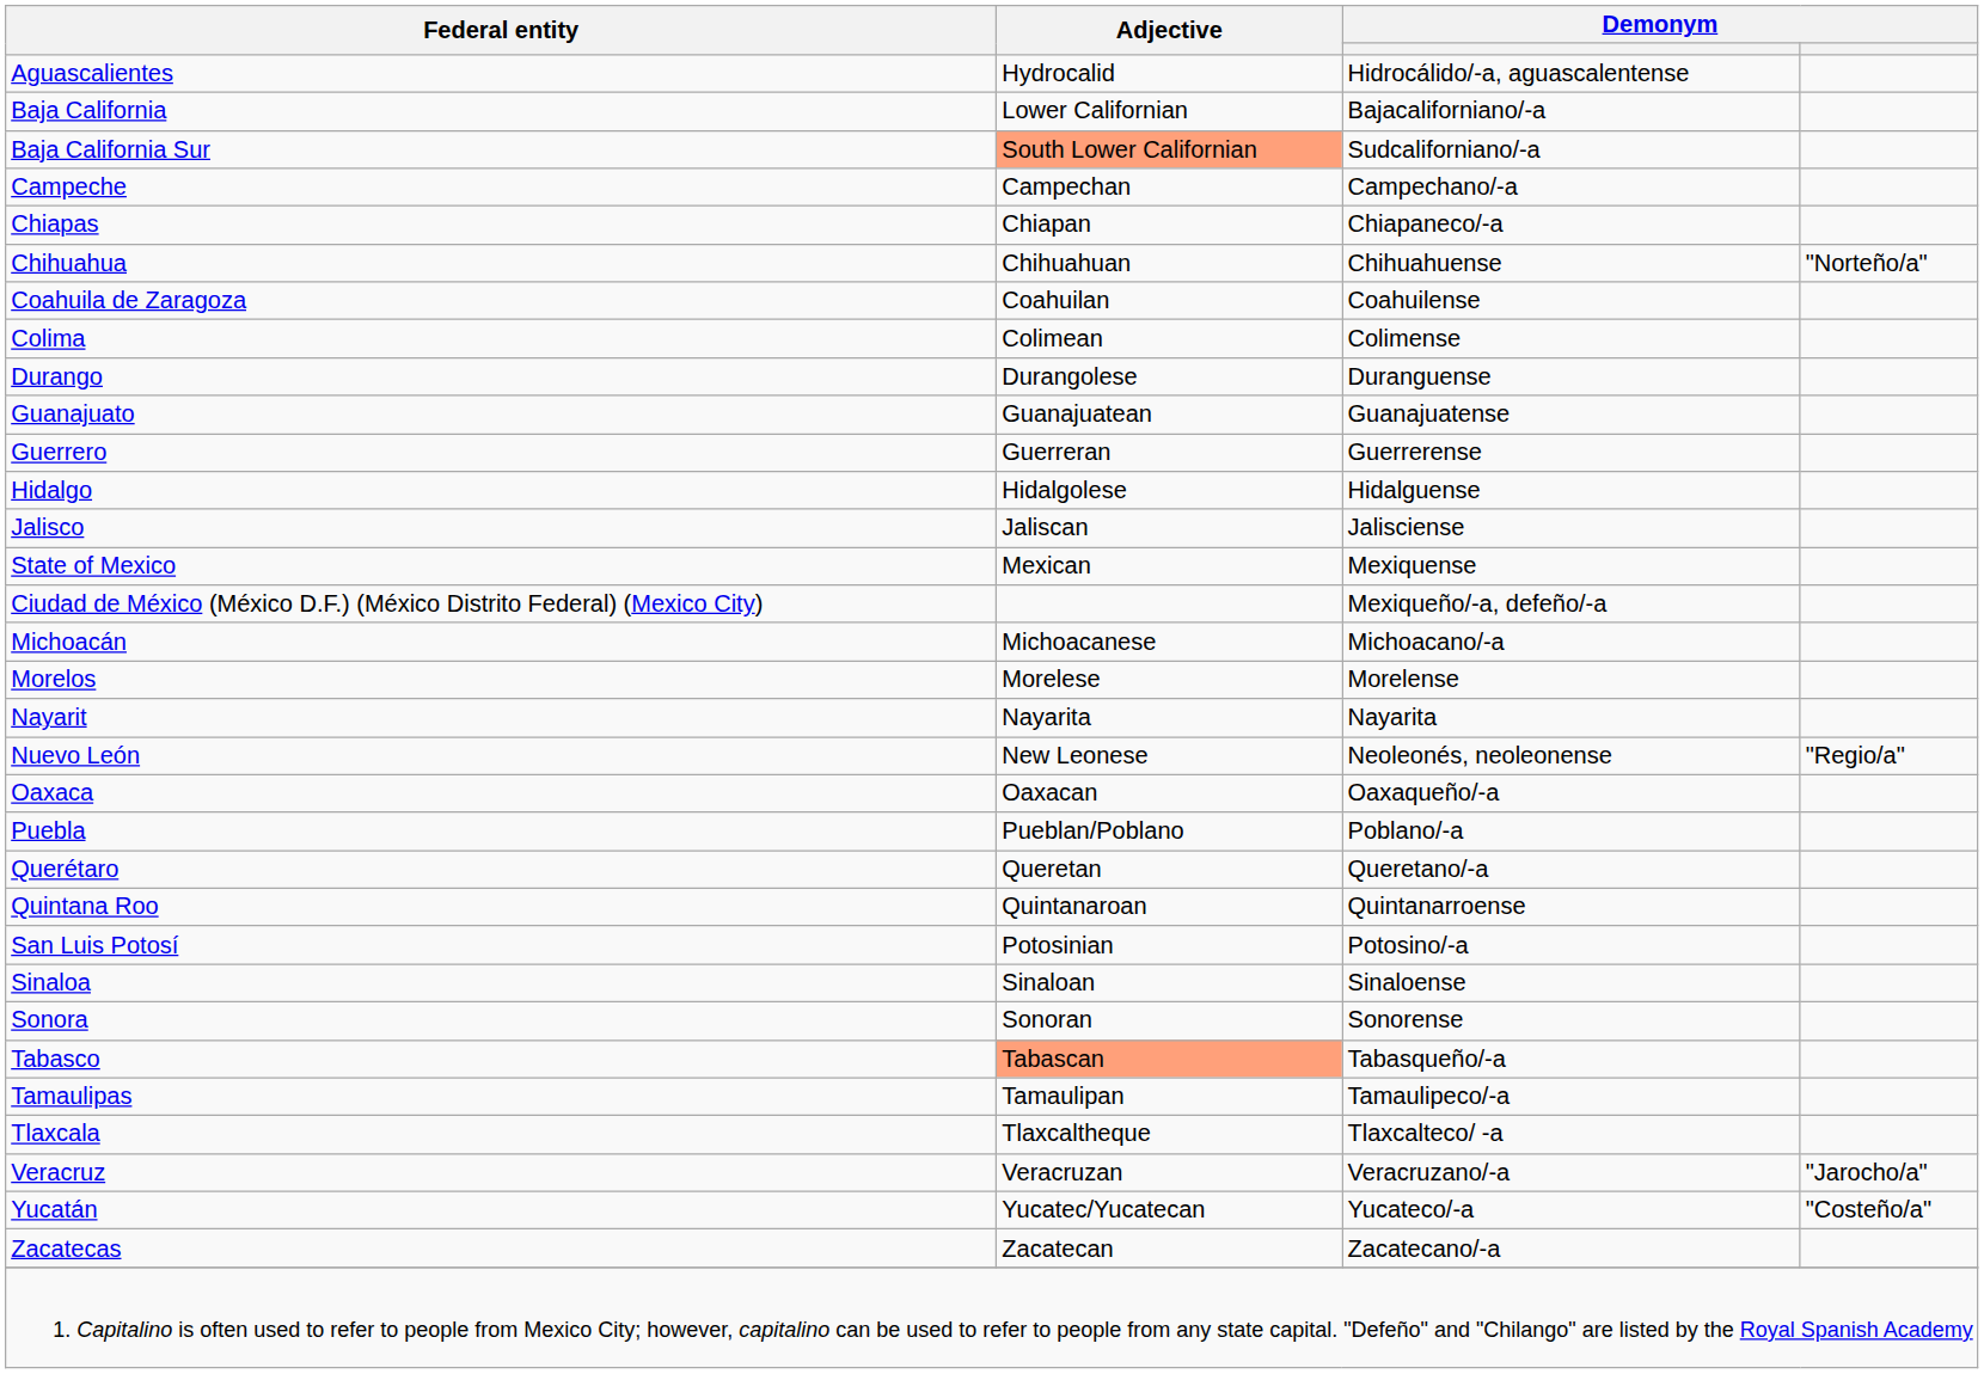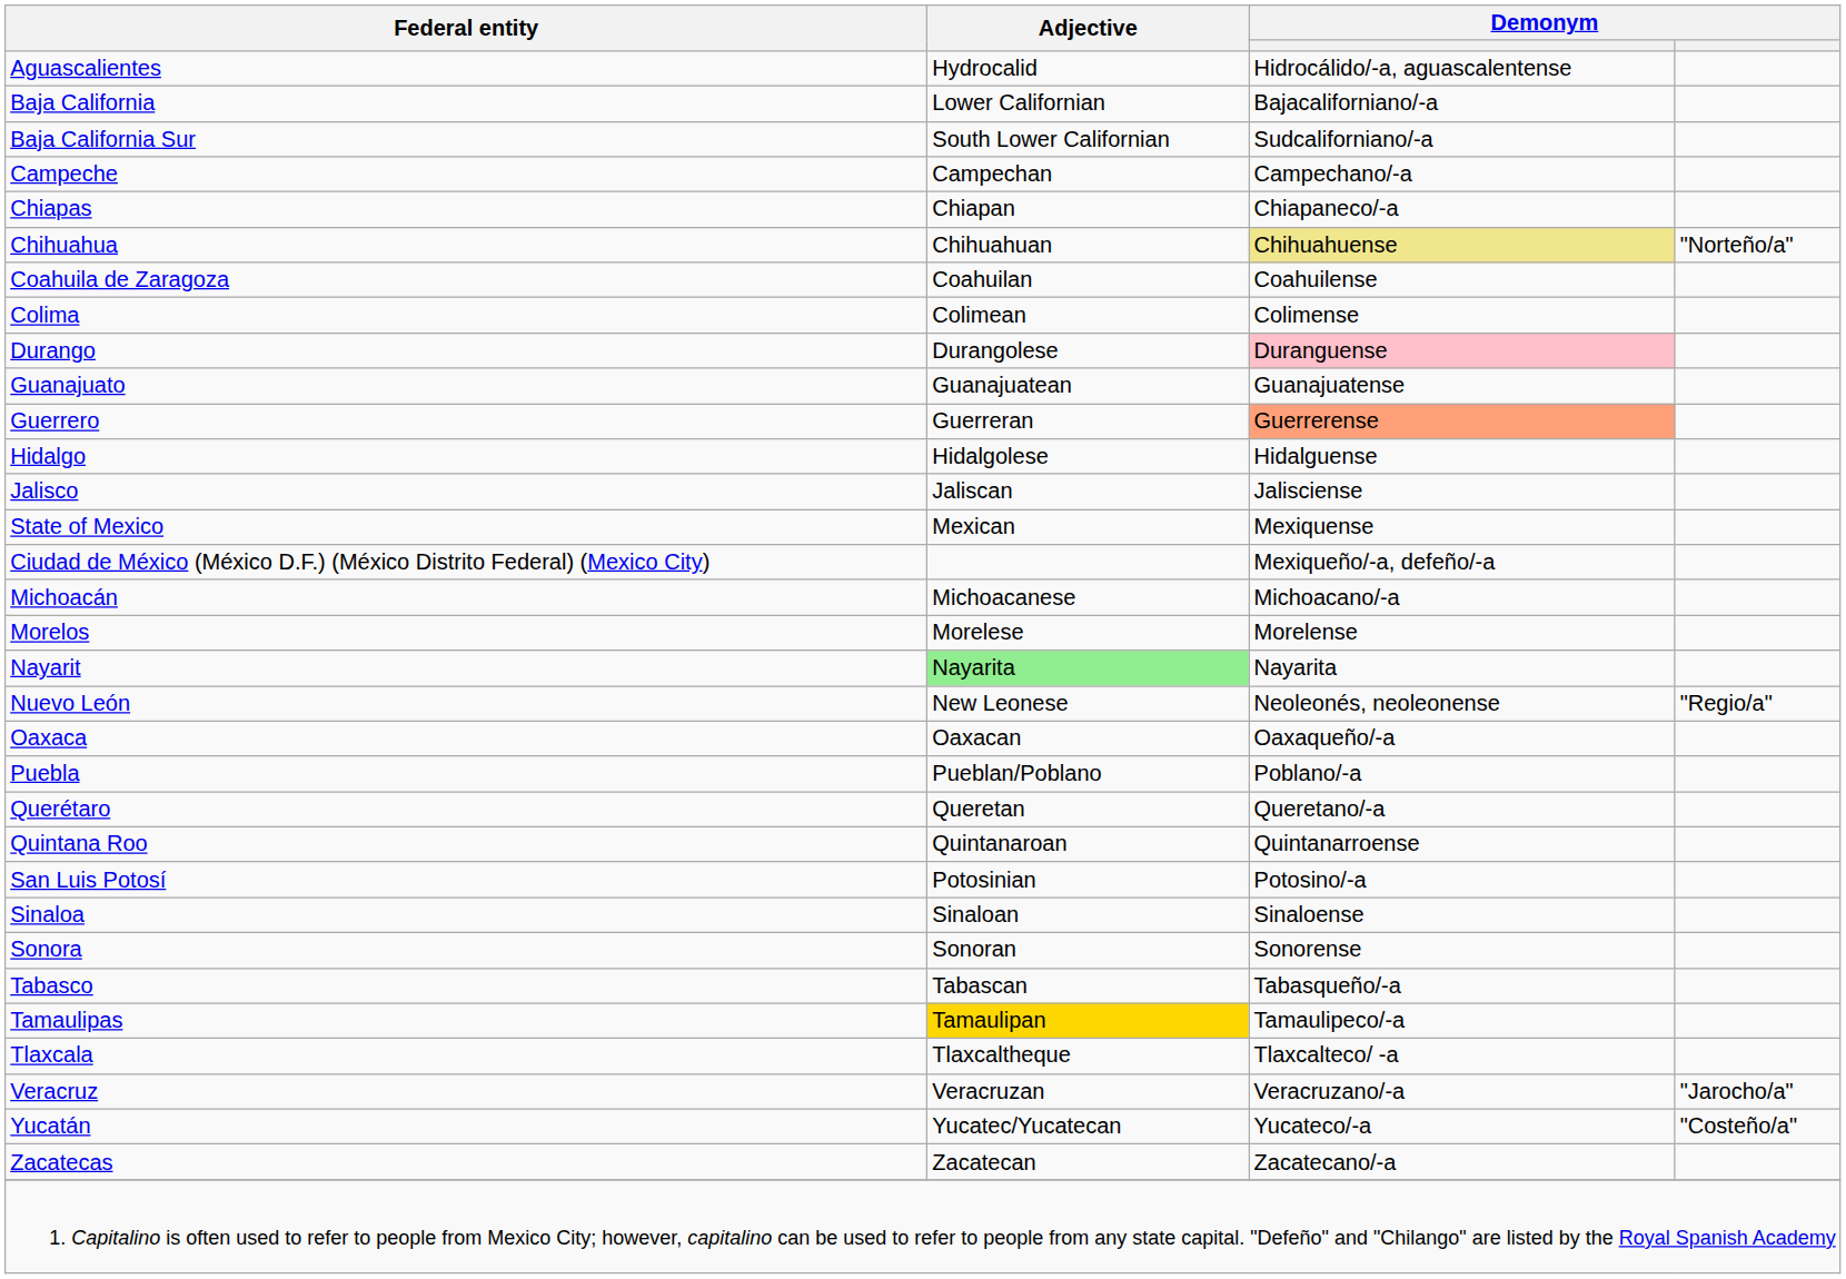 <table class="wikitable">
 <tr>
 <th rowspan="2">Federal entity</th>
 <th rowspan="2">Adjective</th>
 <th colspan="2"><a href='#'>Demonym</a></th>
 </tr>
 <tr>
 <th></th>
 <th></th>
 </tr>
 <tr>
 <td><a href='#'>Aguascalientes</a></td>
 <td>Hydrocalid</td>
 <td>Hidrocálido/-a, aguascalentense</td>
 <td colspan="2"></td>
 </tr>
 <tr>
 <td><a href='#'>Baja California</a></td>
 <td>Lower Californian</td>
 <td>Bajacaliforniano/-a</td>
 <td colspan="2"></td>
 </tr>
 <tr>
 <td><a href='#'>Baja California Sur</a></td>
-<td style="background: lightsalmon;">South Lower Californian</td>
+<td>South Lower Californian</td>
 <td>Sudcaliforniano/-a</td>
 <td colspan="2"></td>
 </tr>
 <tr>
 <td><a href='#'>Campeche</a></td>
 <td>Campechan</td>
 <td>Campechano/-a</td>
 <td colspan="2"></td>
 </tr>
 <tr>
 <td><a href='#'>Chiapas</a></td>
 <td>Chiapan</td>
 <td>Chiapaneco/-a</td>
 <td colspan="2"></td>
 </tr>
 <tr>
 <td><a href='#'>Chihuahua</a></td>
 <td>Chihuahuan</td>
-<td>Chihuahuense</td>
+<td style="background: khaki;">Chihuahuense</td>
 <td colspan="2">"Norteño/a"</td>
 </tr>
 <tr>
 <td><a href='#'>Coahuila de Zaragoza</a></td>
 <td>Coahuilan</td>
 <td>Coahuilense</td>
 <td colspan="2"></td>
 </tr>
 <tr>
 <td><a href='#'>Colima</a></td>
 <td>Colimean</td>
 <td>Colimense</td>
 <td colspan="2"></td>
 </tr>
 <tr>
 <td><a href='#'>Durango</a></td>
 <td>Durangolese</td>
-<td>Duranguense</td>
+<td style="background: pink;">Duranguense</td>
 <td colspan="2"></td>
 </tr>
 <tr>
 <td><a href='#'>Guanajuato</a></td>
 <td>Guanajuatean</td>
 <td>Guanajuatense</td>
 <td colspan="2"></td>
 </tr>
 <tr>
 <td><a href='#'>Guerrero</a></td>
 <td>Guerreran</td>
-<td>Guerrerense</td>
+<td style="background: lightsalmon;">Guerrerense</td>
 <td colspan="2"></td>
 </tr>
 <tr>
 <td><a href='#'>Hidalgo</a></td>
 <td>Hidalgolese</td>
 <td>Hidalguense</td>
 <td colspan="2"></td>
 </tr>
 <tr>
 <td><a href='#'>Jalisco</a></td>
 <td>Jaliscan</td>
 <td>Jalisciense</td>
 <td></td>
 </tr>
 <tr>
 <td><a href='#'>State of Mexico</a></td>
 <td>Mexican</td>
 <td>Mexiquense</td>
 <td colspan="2"></td>
 </tr>
 <tr>
 <td><a href='#'>Ciudad de México</a> (México D.F.) (México Distrito Federal) (<a href='#'>Mexico City</a>)</td>
 <td></td>
 <td>Mexiqueño/-a, defeño/-a</td>
 <td></td>
 </tr>
 <tr>
 <td><a href='#'>Michoacán</a></td>
 <td>Michoacanese</td>
 <td>Michoacano/-a</td>
 <td colspan="2"></td>
 </tr>
 <tr>
 <td><a href='#'>Morelos</a></td>
 <td>Morelese</td>
 <td>Morelense</td>
 <td colspan="2"></td>
 </tr>
 <tr>
 <td><a href='#'>Nayarit</a></td>
-<td>Nayarita</td>
+<td style="background: lightgreen;">Nayarita</td>
 <td>Nayarita</td>
 <td colspan="2"></td>
 </tr>
 <tr>
 <td><a href='#'>Nuevo León</a></td>
 <td>New Leonese</td>
 <td>Neoleonés, neoleonense</td>
 <td colspan="2">"Regio/a"</td>
 </tr>
 <tr>
 <td><a href='#'>Oaxaca</a></td>
 <td>Oaxacan</td>
 <td>Oaxaqueño/-a</td>
 <td></td>
 </tr>
 <tr>
 <td><a href='#'>Puebla</a></td>
 <td>Pueblan/Poblano</td>
 <td>Poblano/-a</td>
 <td colspan="2"></td>
 </tr>
 <tr>
 <td><a href='#'>Querétaro</a></td>
 <td>Queretan</td>
 <td>Queretano/-a</td>
 <td colspan="2"></td>
 </tr>
 <tr>
 <td><a href='#'>Quintana Roo</a></td>
 <td>Quintanaroan</td>
 <td>Quintanarroense</td>
 <td colspan="2"></td>
 </tr>
 <tr>
 <td><a href='#'>San Luis Potosí</a></td>
 <td>Potosinian</td>
 <td>Potosino/-a</td>
 <td colspan="2"></td>
 </tr>
 <tr>
 <td><a href='#'>Sinaloa</a></td>
 <td>Sinaloan</td>
 <td>Sinaloense</td>
 <td colspan="2"></td>
 </tr>
 <tr>
 <td><a href='#'>Sonora</a></td>
 <td>Sonoran</td>
 <td>Sonorense</td>
 <td colspan="2"></td>
 </tr>
 <tr>
 <td><a href='#'>Tabasco</a></td>
-<td style="background: lightsalmon;">Tabascan</td>
+<td>Tabascan</td>
 <td>Tabasqueño/-a</td>
 <td colspan="2"></td>
 </tr>
 <tr>
 <td><a href='#'>Tamaulipas</a></td>
-<td>Tamaulipan</td>
+<td style="background: gold;">Tamaulipan</td>
 <td>Tamaulipeco/-a</td>
 <td colspan="2"></td>
 </tr>
 <tr>
 <td><a href='#'>Tlaxcala</a></td>
 <td>Tlaxcaltheque</td>
 <td>Tlaxcalteco/ -a</td>
 <td colspan="2"></td>
 </tr>
 <tr>
 <td><a href='#'>Veracruz</a></td>
 <td>Veracruzan</td>
 <td>Veracruzano/-a</td>
 <td colspan="2">"Jarocho/a"</td>
 </tr>
 <tr>
 <td><a href='#'>Yucatán</a></td>
 <td>Yucatec/Yucatecan</td>
 <td>Yucateco/-a</td>
 <td colspan="2">"Costeño/a"</td>
 </tr>
 <tr>
 <td><a href='#'>Zacatecas</a></td>
 <td>Zacatecan</td>
 <td>Zacatecano/-a</td>
 <td colspan="2"></td>
 </tr>
 <tr>
 </tr>
 <tr>
 <td colspan="4" style="padding-left:0.5em; font-size:90%;"><br><ol><li><em>Capitalino</em> is often used to refer to people from Mexico City; however, <em>capitalino</em> can be used to refer to people from any state capital. "Defeño" and "Chilango" are listed by the <a href='#'>Royal Spanish Academy</a></li></ol></td>
 </tr>
 </table>
